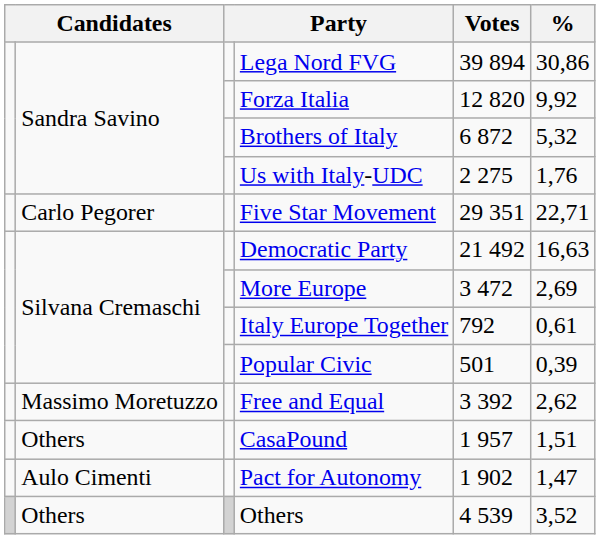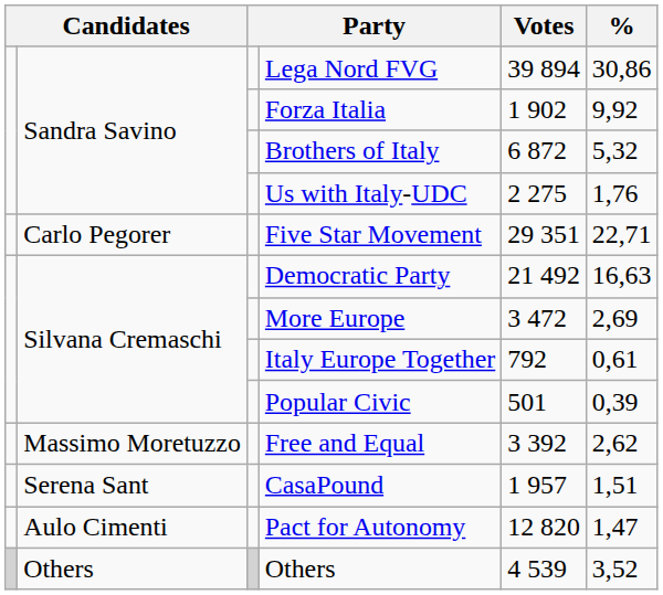 <table class="wikitable">
 <tr>
 <th colspan="2">Candidates</th>
 <th colspan="2">Party</th>
 <th>Votes</th>
 <th>%</th>
 </tr>
 <tr>
 <td rowspan="4"></td>
 <td rowspan="4">Sandra Savino</td>
 <td></td>
 <td><a href='#'>Lega Nord FVG</a></td>
 <td>39 894</td>
 <td>30,86</td>
 </tr>
 <tr>
 <td></td>
 <td><a href='#'>Forza Italia</a></td>
-<td>12 820</td>
+<td>1 902</td>
 <td>9,92</td>
 </tr>
 <tr>
 <td></td>
 <td><a href='#'>Brothers of Italy</a></td>
 <td>6 872</td>
 <td>5,32</td>
 </tr>
 <tr>
 <td></td>
 <td><a href='#'>Us with Italy</a>-<a href='#'>UDC</a></td>
 <td>2 275</td>
 <td>1,76</td>
 </tr>
 <tr>
 <td></td>
 <td>Carlo Pegorer</td>
 <td></td>
 <td><a href='#'>Five Star Movement</a></td>
 <td>29 351</td>
 <td>22,71</td>
 </tr>
 <tr>
 <td rowspan="4"></td>
 <td rowspan="4">Silvana Cremaschi</td>
 <td></td>
 <td><a href='#'>Democratic Party</a></td>
 <td>21 492</td>
 <td>16,63</td>
 </tr>
 <tr>
 <td></td>
 <td><a href='#'>More Europe</a></td>
 <td>3 472</td>
 <td>2,69</td>
 </tr>
 <tr>
 <td></td>
 <td><a href='#'>Italy Europe Together</a></td>
 <td>792</td>
 <td>0,61</td>
 </tr>
 <tr>
 <td></td>
 <td><a href='#'>Popular Civic</a></td>
 <td>501</td>
 <td>0,39</td>
 </tr>
 <tr>
 <td></td>
 <td>Massimo Moretuzzo</td>
 <td></td>
 <td><a href='#'>Free and Equal</a></td>
 <td>3 392</td>
 <td>2,62</td>
 </tr>
 <tr>
 <td></td>
-<td>Others</td>
+<td>Serena Sant</td>
 <td></td>
 <td><a href='#'>CasaPound</a></td>
 <td>1 957</td>
 <td>1,51</td>
 </tr>
 <tr>
 <td></td>
 <td>Aulo Cimenti</td>
 <td></td>
 <td><a href='#'>Pact for Autonomy</a></td>
-<td>1 902</td>
+<td>12 820</td>
 <td>1,47</td>
 </tr>
 <tr>
 <td bgcolor="Lightgrey"></td>
 <td>Others</td>
 <td bgcolor="Lightgrey"></td>
 <td>Others</td>
 <td>4 539</td>
 <td>3,52</td>
 </tr>
 </table>
